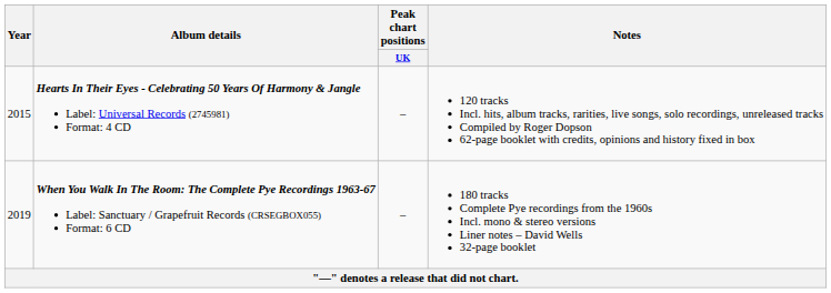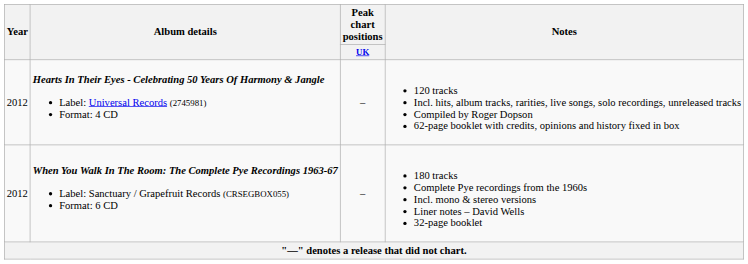 <table class="wikitable">
 <tr>
 <th rowspan=2>Year</th>
 <th rowspan=2>Album details</th>
 <th>Peak chart positions</th>
 <th rowspan=2>Notes</th>
 </tr>
 <tr style="font-size:smaller;">
 <th width="30"><a href='#'>UK</a><br></th>
 </tr>
 <tr>
-<td>2015</td>
+<td>2012</td>
 <td><strong><em> Hearts In Their Eyes - Celebrating 50 Years Of Harmony & Jangle </em></strong><br><ul><li>Label: <a href='#'>Universal Records</a> <small>(2745981)</small></li><li>Format: 4 CD</li></ul></td>
 <td align="center">–</td>
 <td><br><ul><li>120 tracks</li><li>Incl. hits, album tracks, rarities, live songs, solo recordings, unreleased tracks</li><li>Compiled by Roger Dopson</li><li>62-page booklet with credits, opinions and history fixed in box</li></ul></td>
 </tr>
 <tr>
-<td>2019</td>
+<td>2012</td>
 <td><strong><em> When You Walk In The Room: The Complete Pye Recordings 1963-67 </em></strong><br><ul><li>Label: Sanctuary / Grapefruit Records <small>(CRSEGBOX055)</small></li><li>Format: 6 CD</li></ul></td>
 <td align="center">–</td>
 <td><br><ul><li>180 tracks</li><li>Complete Pye recordings from the 1960s</li><li>Incl. mono & stereo versions</li><li>Liner notes – David Wells</li><li>32-page booklet</li></ul></td>
 </tr>
 <tr>
 <th colspan="4">"—" denotes a release that did not chart.</th>
 </tr>
 </table>
